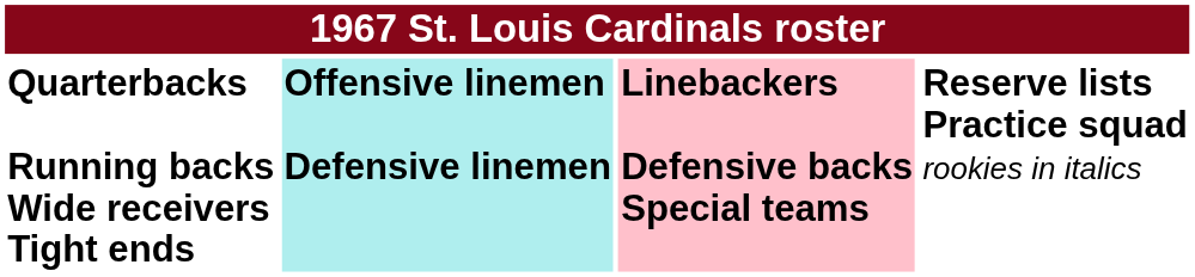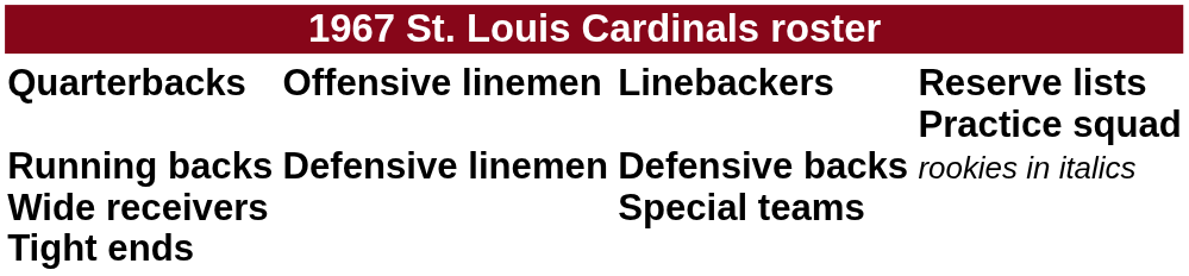 <table class="toccolours" style="text-align: left;">
 <tr>
 <th colspan="9" style="background-color: #870619; color: white; text-align: center;"><strong>1967 St. Louis Cardinals roster</strong></th>
 </tr>
 <tr>
 <td style="font-size: 95%;" valign="top"><strong>Quarterbacks</strong><br> <br><strong>Running backs</strong>    <br><strong>Wide receivers</strong>  <br><strong>Tight ends</strong>  </td>
-<td style="background: paleturquoise; font-size: 95%;" valign="top"><strong>Offensive linemen</strong><br>    <br><strong>Defensive linemen</strong>      </td>
-<td style="background: pink; font-size: 95%;" valign="top"><strong>Linebackers</strong><br>     <br><strong>Defensive backs</strong>     <br><strong>Special teams</strong> </td>
+<td style="font-size: 95%;" valign="top"><strong>Offensive linemen</strong><br>    <br><strong>Defensive linemen</strong>      </td>
+<td style="font-size: 95%;" valign="top"><strong>Linebackers</strong><br>     <br><strong>Defensive backs</strong>     <br><strong>Special teams</strong> </td>
 <td style="font-size: 95%;" valign="top"><strong>Reserve lists</strong><br><strong>Practice squad</strong> <br><small><em>rookies in italics</em></small><br></td>
 </tr>
 <tr>
 </tr>
 </table>
